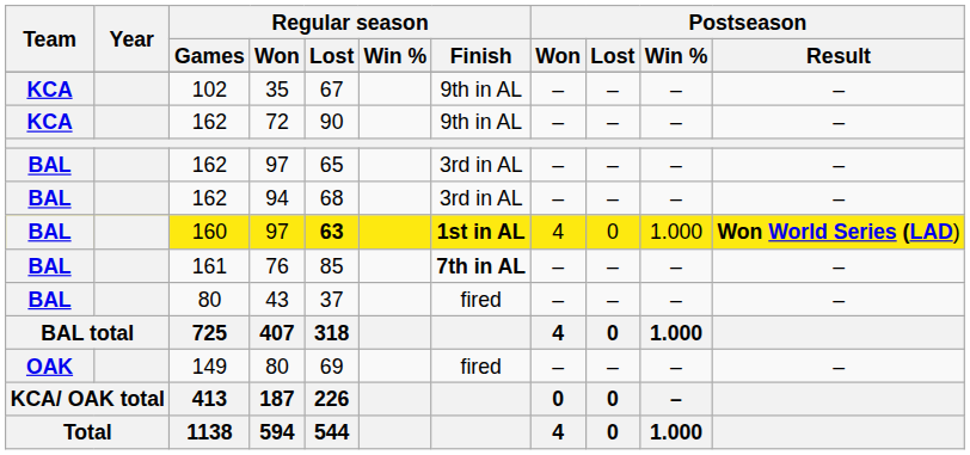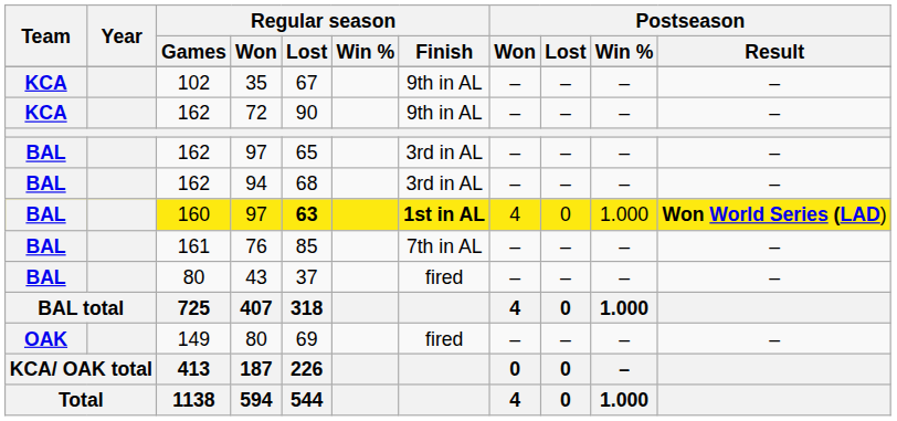 <table class="wikitable" style="font-size: 95%; text-align:center;">
 <tr>
 <th rowspan="2">Team</th>
 <th rowspan="2">Year</th>
 <th colspan="5">Regular season</th>
 <th colspan="4">Postseason</th>
 </tr>
 <tr>
 <th>Games</th>
 <th>Won</th>
 <th>Lost</th>
 <th>Win %</th>
 <th>Finish</th>
 <th>Won</th>
 <th>Lost</th>
 <th>Win %</th>
 <th>Result</th>
 </tr>
 <tr>
 </tr>
 <tr>
 <th><a href='#'>KCA</a></th>
 <th></th>
 <td>102</td>
 <td>35</td>
 <td>67</td>
 <td></td>
 <td>9th in AL</td>
 <td>–</td>
 <td>–</td>
 <td>–</td>
 <td>–</td>
 </tr>
 <tr>
 <th><a href='#'>KCA</a></th>
 <th></th>
 <td>162</td>
 <td>72</td>
 <td>90</td>
 <td></td>
 <td>9th in AL</td>
 <td>–</td>
 <td>–</td>
 <td>–</td>
 <td>–</td>
 </tr>
 <tr>
 <th colspan="11"></th>
 </tr>
 <tr>
 <th><a href='#'>BAL</a></th>
 <th></th>
 <td>162</td>
 <td>97</td>
 <td>65</td>
 <td></td>
 <td>3rd in AL</td>
 <td>–</td>
 <td>–</td>
 <td>–</td>
 <td>–</td>
 </tr>
 <tr>
 <th><a href='#'>BAL</a></th>
 <th></th>
 <td>162</td>
 <td>94</td>
 <td>68</td>
 <td></td>
 <td>3rd in AL</td>
 <td>–</td>
 <td>–</td>
 <td>–</td>
 <td>–</td>
 </tr>
 <tr style="background:#fde910">
 <th><a href='#'>BAL</a></th>
 <th></th>
 <td>160</td>
 <td>97</td>
 <td><strong>63</strong></td>
 <td></td>
 <td><strong>1st in AL</strong></td>
 <td>4</td>
 <td>0</td>
 <td>1.000</td>
 <td><strong>Won <a href='#'>World Series</a> (<a href='#'>LAD</a></strong>)</td>
 </tr>
 <tr>
 <th><a href='#'>BAL</a></th>
 <th></th>
 <td>161</td>
 <td>76</td>
 <td>85</td>
 <td></td>
-<td><strong>7th in AL</strong></td>
+<td>7th in AL</td>
 <td>–</td>
 <td>–</td>
 <td>–</td>
 <td>–</td>
 </tr>
 <tr>
 <th><a href='#'>BAL</a></th>
 <th></th>
 <td>80</td>
 <td>43</td>
 <td>37</td>
 <td></td>
 <td>fired</td>
 <td>–</td>
 <td>–</td>
 <td>–</td>
 <td>–</td>
 </tr>
 <tr>
 <th colspan="2">BAL total</th>
 <th>725</th>
 <th>407</th>
 <th>318</th>
 <th></th>
 <th></th>
 <th>4</th>
 <th>0</th>
 <th>1.000</th>
 <th></th>
 </tr>
 <tr>
 <th><a href='#'>OAK</a></th>
 <th></th>
 <td>149</td>
 <td>80</td>
 <td>69</td>
 <td></td>
 <td>fired</td>
 <td>–</td>
 <td>–</td>
 <td>–</td>
 <td>–</td>
 </tr>
 <tr>
 <th colspan="2">KCA/ OAK total</th>
 <th>413</th>
 <th>187</th>
 <th>226</th>
 <th></th>
 <th></th>
 <th>0</th>
 <th>0</th>
 <th>–</th>
 <th></th>
 </tr>
 <tr>
 <th colspan="2">Total</th>
 <th>1138</th>
 <th>594</th>
 <th>544</th>
 <th></th>
 <th></th>
 <th>4</th>
 <th>0</th>
 <th>1.000</th>
 <th></th>
 </tr>
 </table>
